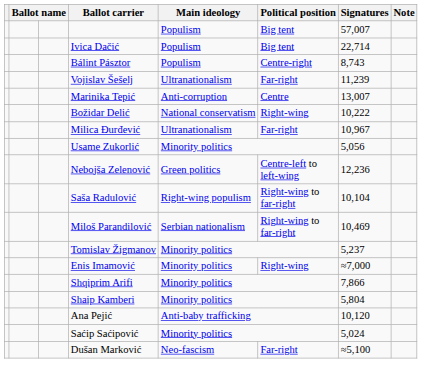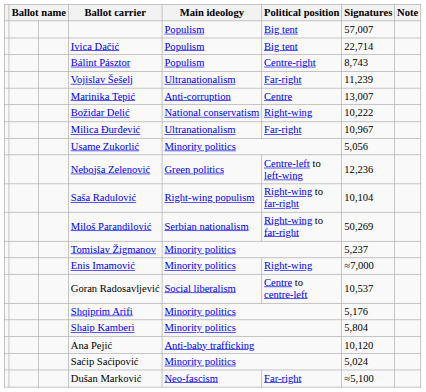 <table class="wikitable">
 <tr>
 <th></th>
 <th colspan="2">Ballot name</th>
 <th>Ballot carrier</th>
 <th>Main ideology</th>
 <th>Political position</th>
 <th>Signatures</th>
 <th>Note</th>
 </tr>
 <tr>
 <td></td>
 <td style="background:"></td>
 <td></td>
 <td></td>
 <td><a href='#'>Populism</a></td>
 <td><a href='#'>Big tent</a></td>
 <td>57,007</td>
 <td></td>
 </tr>
 <tr>
 <td></td>
 <td style="background:"></td>
 <td></td>
 <td><a href='#'>Ivica Dačić</a></td>
 <td><a href='#'>Populism</a></td>
 <td><a href='#'>Big tent</a></td>
 <td>22,714</td>
 <td></td>
 </tr>
 <tr>
 <td></td>
 <td style="background:"></td>
 <td></td>
 <td><a href='#'>Bálint Pásztor</a></td>
 <td><a href='#'>Populism</a></td>
 <td><a href='#'>Centre-right</a></td>
 <td>8,743</td>
 <td></td>
 </tr>
 <tr>
 <td></td>
 <td style="background:"></td>
 <td></td>
 <td><a href='#'>Vojislav Šešelj</a></td>
 <td><a href='#'>Ultranationalism</a></td>
 <td><a href='#'>Far-right</a></td>
 <td>11,239</td>
 <td></td>
 </tr>
 <tr>
 <td></td>
 <td style="background:"></td>
 <td></td>
 <td><a href='#'>Marinika Tepić</a></td>
 <td><a href='#'>Anti-corruption</a></td>
 <td><a href='#'>Centre</a></td>
 <td>13,007</td>
 <td></td>
 </tr>
 <tr>
 <td></td>
 <td style="background:"></td>
 <td></td>
 <td><a href='#'>Božidar Delić</a></td>
 <td><a href='#'>National conservatism</a></td>
 <td><a href='#'>Right-wing</a></td>
 <td>10,222</td>
 <td></td>
 </tr>
 <tr>
 <td></td>
 <td style="background:"></td>
 <td></td>
 <td><a href='#'>Milica Đurđević</a></td>
 <td><a href='#'>Ultranationalism</a></td>
 <td><a href='#'>Far-right</a></td>
 <td>10,967</td>
 <td></td>
 </tr>
 <tr>
 <td></td>
 <td style="background:"></td>
 <td></td>
 <td><a href='#'>Usame Zukorlić</a></td>
 <td colspan="2"><a href='#'>Minority politics</a></td>
 <td>5,056</td>
 <td></td>
 </tr>
 <tr>
 <td></td>
 <td style="background:"></td>
 <td></td>
 <td><a href='#'>Nebojša Zelenović</a></td>
 <td><a href='#'>Green politics</a></td>
 <td><a href='#'>Centre-left</a> to<br><a href='#'>left-wing</a></td>
 <td>12,236</td>
 <td></td>
 </tr>
 <tr>
 <td></td>
 <td style="background:"></td>
 <td></td>
 <td><a href='#'>Saša Radulović</a></td>
 <td><a href='#'>Right-wing populism</a></td>
 <td><a href='#'>Right-wing</a> to<br><a href='#'>far-right</a></td>
 <td>10,104</td>
 <td></td>
 </tr>
 <tr>
 <td></td>
 <td style="background:"></td>
 <td></td>
 <td><a href='#'>Miloš Parandilović</a></td>
 <td><a href='#'>Serbian nationalism</a></td>
 <td><a href='#'>Right-wing</a> to<br><a href='#'>far-right</a></td>
-<td>10,469</td>
+<td>50,269</td>
 <td></td>
 </tr>
 <tr>
 <td></td>
 <td style="background:"></td>
 <td></td>
 <td><a href='#'>Tomislav Žigmanov</a></td>
 <td colspan="2"><a href='#'>Minority politics</a></td>
 <td>5,237</td>
 <td></td>
 </tr>
 <tr>
 <td></td>
 <td style="background:"></td>
 <td></td>
 <td><a href='#'>Enis Imamović</a></td>
 <td><a href='#'>Minority politics</a></td>
 <td><a href='#'>Right-wing</a></td>
 <td>≈7,000</td>
 <td></td>
 </tr>
 <tr>
 <td></td>
 <td style="background:"></td>
 <td></td>
+<td>Goran Radosavljević</td>
+<td><a href='#'>Social liberalism</a></td>
+<td><a href='#'>Centre</a> to<br><a href='#'>centre-left</a></td>
+<td>10,537</td>
+<td></td>
+</tr>
+<tr>
+<td></td>
+<td style="background:"></td>
+<td></td>
 <td><a href='#'>Shqiprim Arifi</a></td>
 <td colspan="2"><a href='#'>Minority politics</a></td>
-<td>7,866</td>
+<td>5,176</td>
 <td></td>
 </tr>
 <tr>
 <td></td>
 <td style="background:"></td>
 <td></td>
 <td><a href='#'>Shaip Kamberi</a></td>
 <td colspan="2"><a href='#'>Minority politics</a></td>
 <td>5,804</td>
 <td></td>
 </tr>
 <tr>
 <td></td>
 <td style="background:"></td>
 <td></td>
 <td>Ana Pejić</td>
 <td colspan="2"><a href='#'>Anti-baby trafficking</a></td>
 <td>10,120</td>
 <td></td>
 </tr>
 <tr>
 <td></td>
 <td style="background:"></td>
 <td></td>
 <td>Saćip Saćipović</td>
 <td colspan="2"><a href='#'>Minority politics</a></td>
 <td>5,024</td>
 <td></td>
 </tr>
 <tr>
 <td></td>
 <td style="background:"></td>
 <td></td>
 <td>Dušan Marković</td>
 <td><a href='#'>Neo-fascism</a></td>
 <td><a href='#'>Far-right</a></td>
 <td>≈5,100</td>
 <td></td>
 </tr>
 </table>
